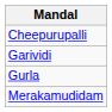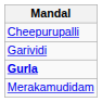 <table class="wikitable sortable static-row-numbers static-row-header-hash">
 <tr>
 <th>Mandal</th>
 </tr>
 <tr>
 <td><a href='#'>Cheepurupalli</a></td>
 </tr>
 <tr>
 <td><a href='#'>Garividi</a></td>
 </tr>
 <tr>
-<td><a href='#'>Gurla</a></td>
+<td><strong><a href='#'>Gurla</a></strong></td>
 </tr>
 <tr>
 <td><a href='#'>Merakamudidam</a></td>
 </tr>
 </table>
